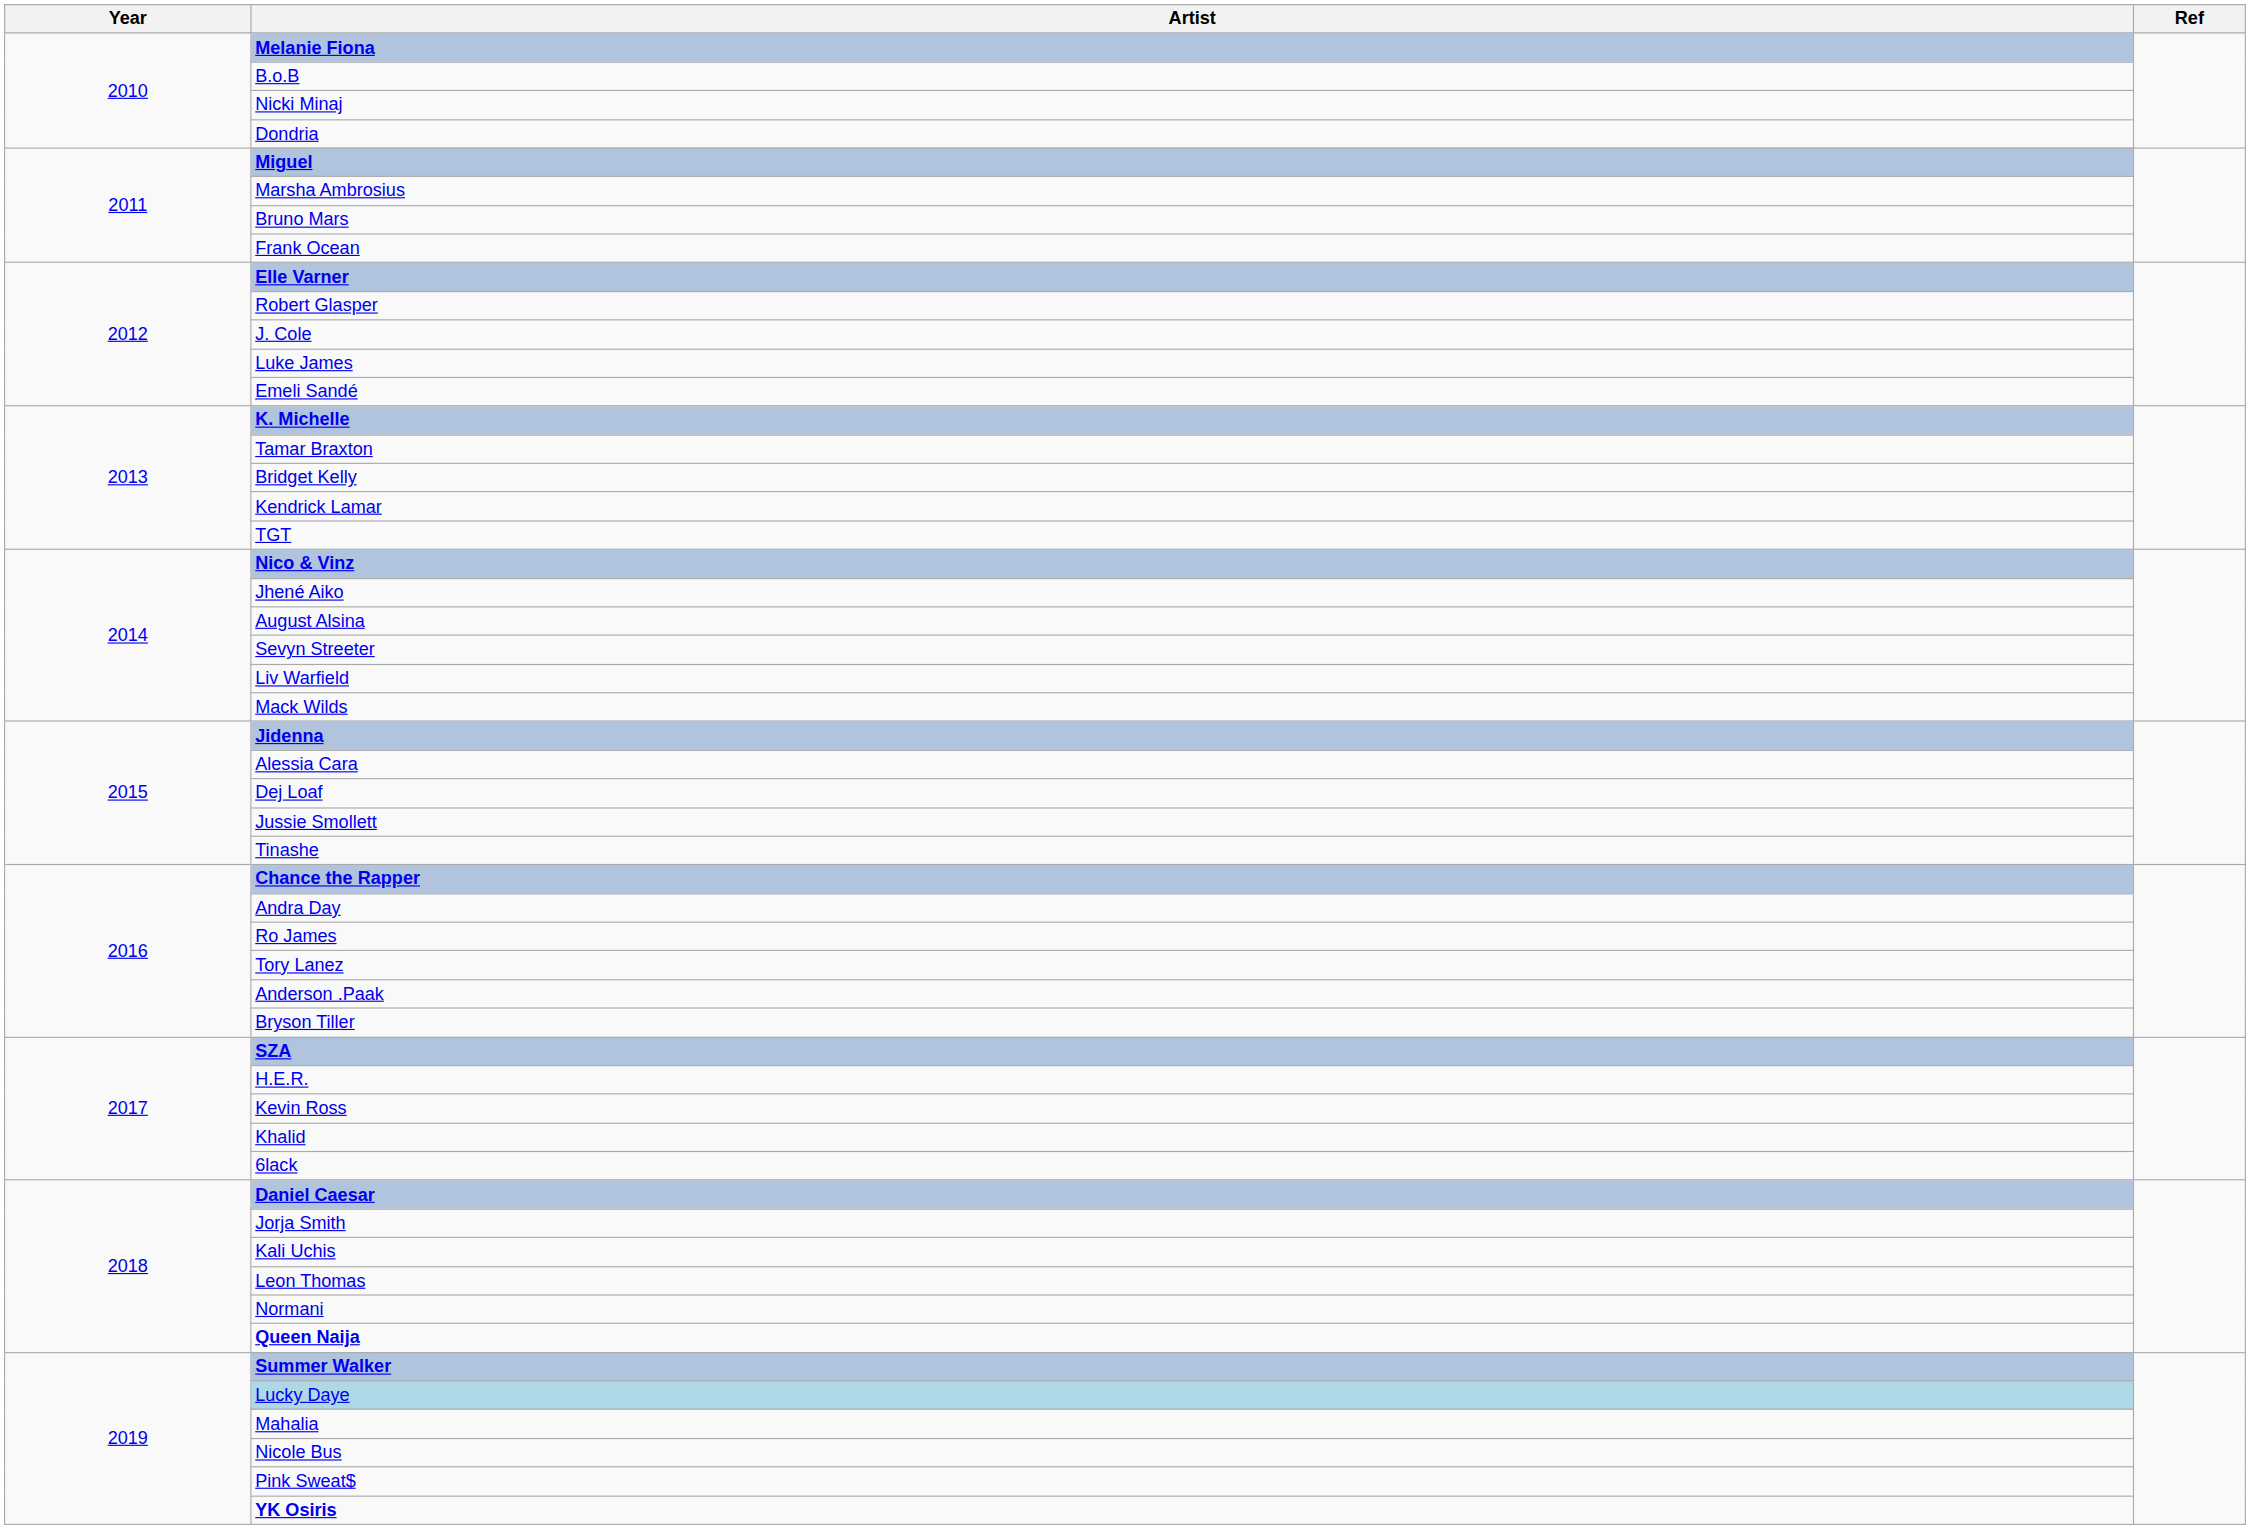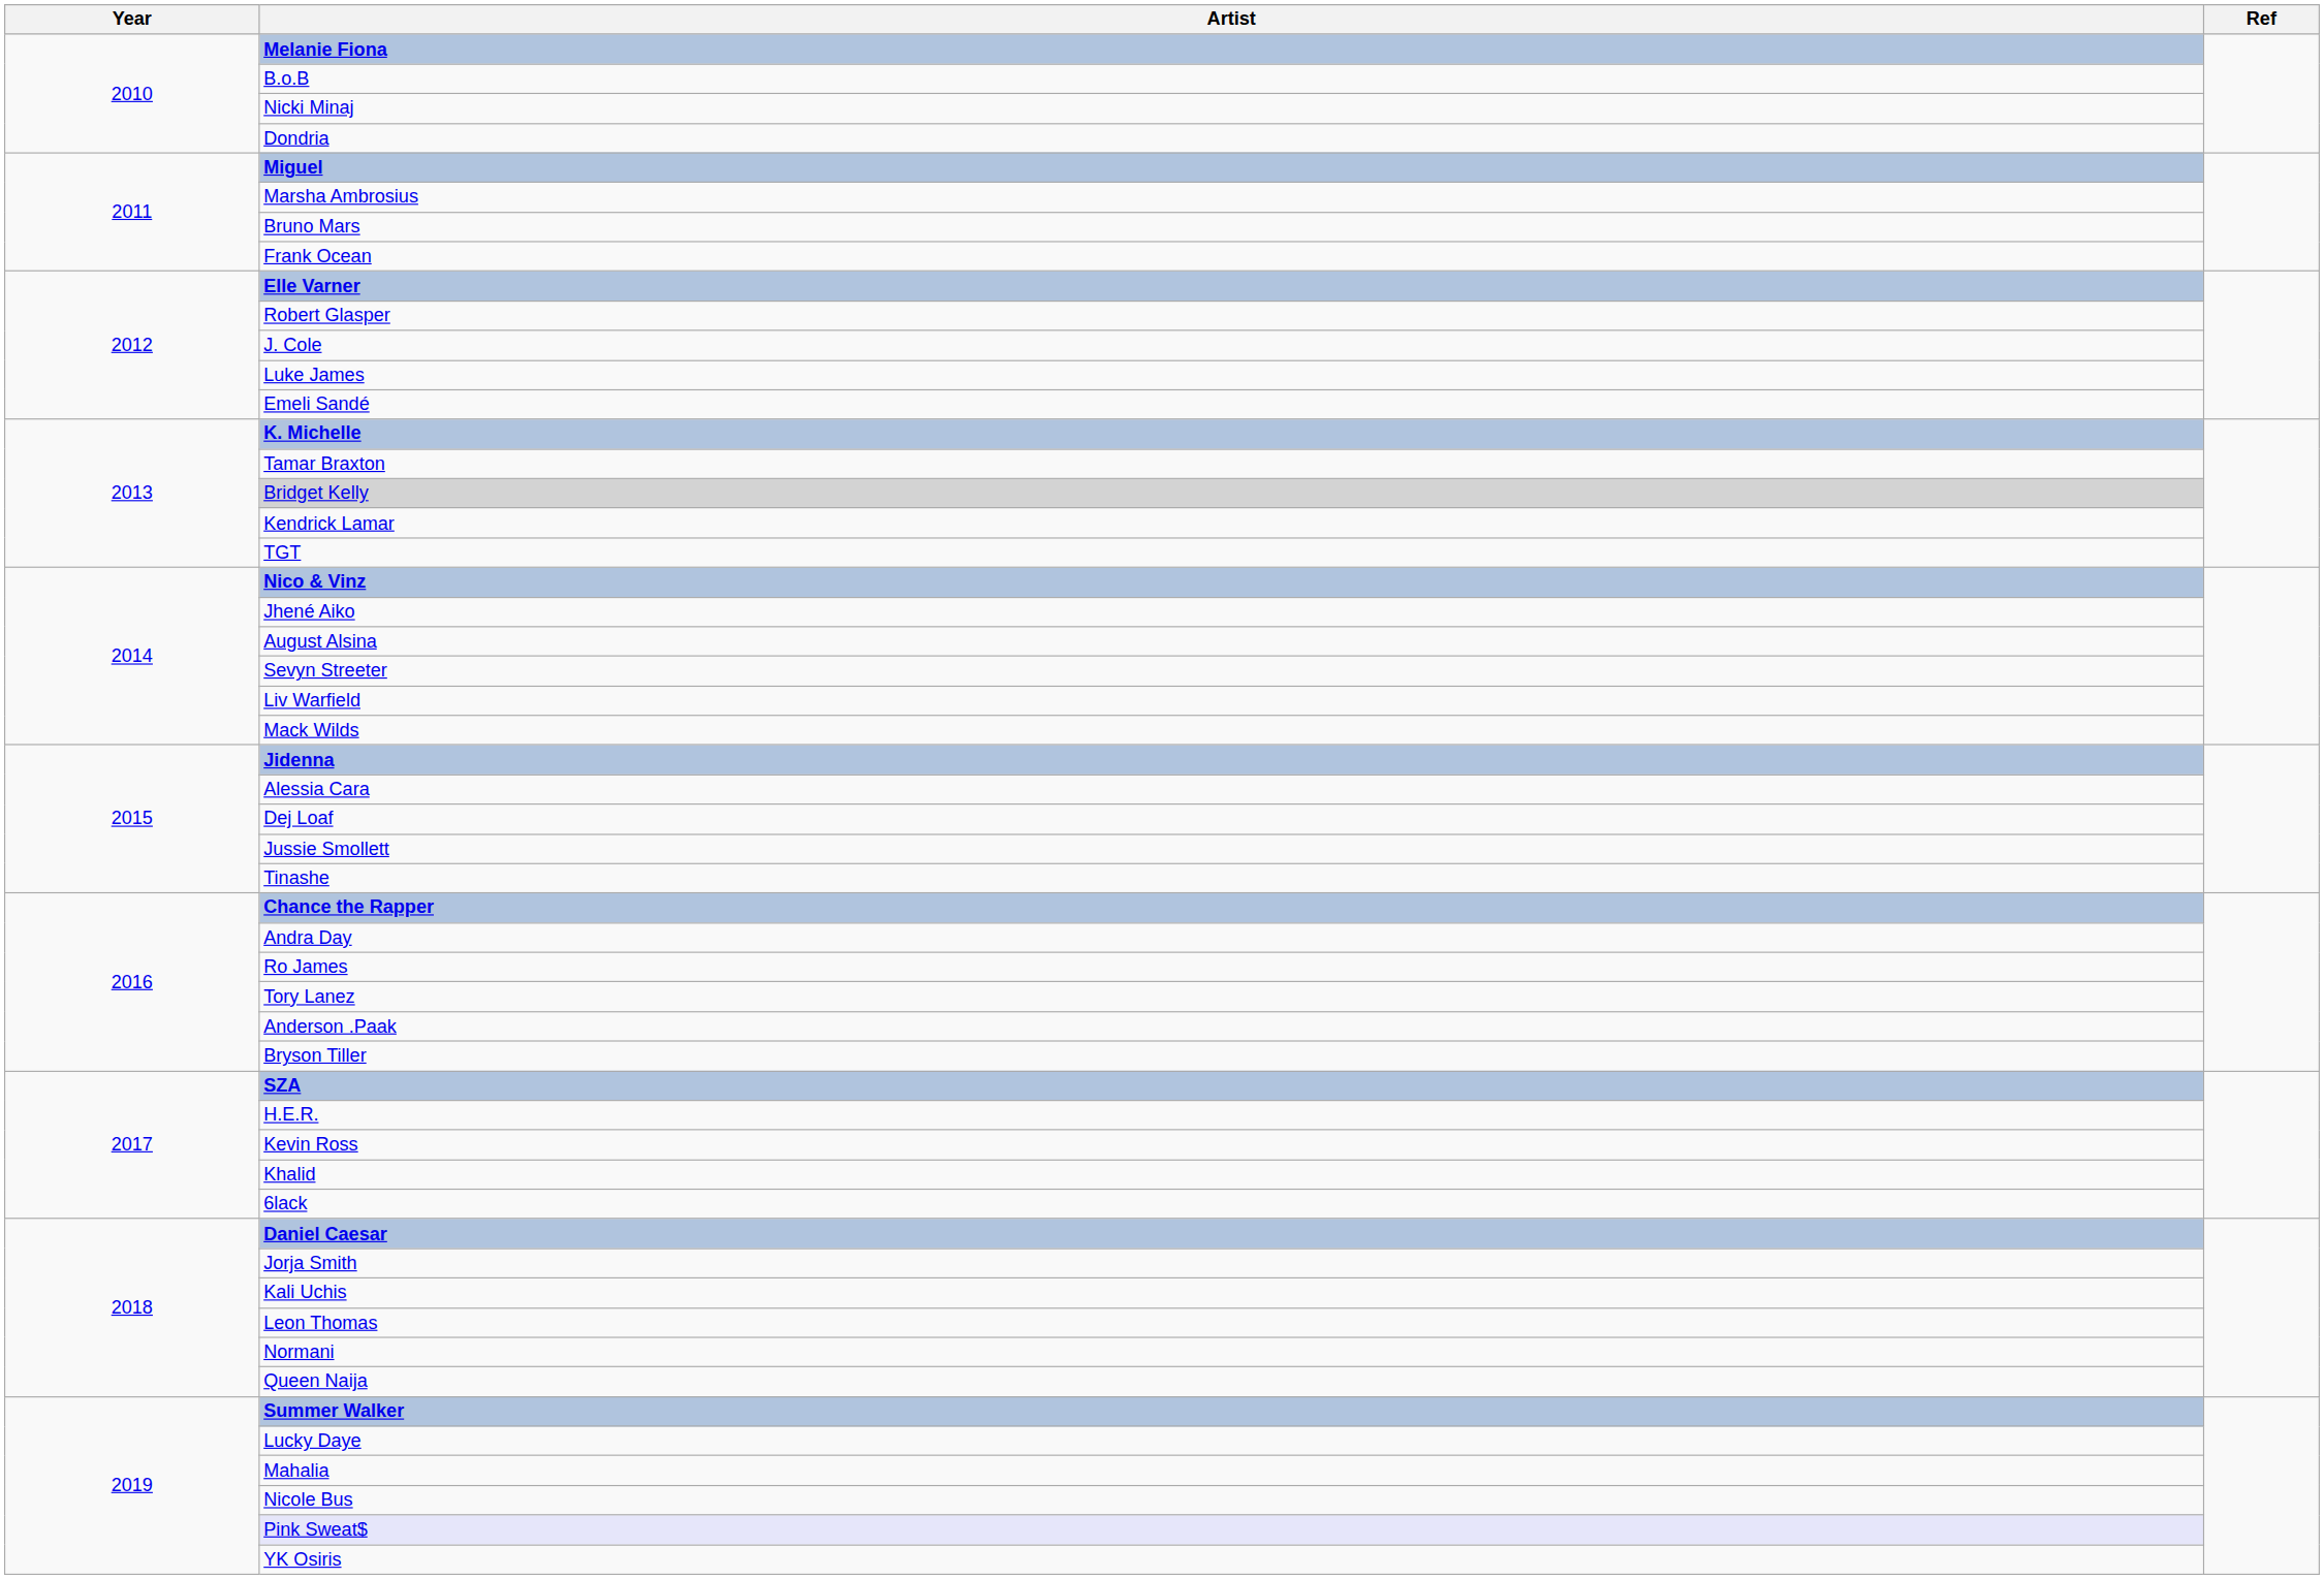 <table class="wikitable" style="width:100%;">
 <tr style="background:#bebebe;">
 <th style="width:11%;">Year</th>
 <th style="width:84%;">Artist</th>
 <th style="width:5%;">Ref</th>
 </tr>
 <tr>
 <td rowspan="4" align="center"><a href='#'>2010</a></td>
 <td style="background:#B0C4DE"><strong><a href='#'>Melanie Fiona</a></strong></td>
 <td rowspan="4" align="center"></td>
 </tr>
 <tr>
 <td><a href='#'>B.o.B</a></td>
 </tr>
 <tr>
 <td><a href='#'>Nicki Minaj</a></td>
 </tr>
 <tr>
 <td><a href='#'>Dondria</a></td>
 </tr>
 <tr>
 <td rowspan="4" align="center"><a href='#'>2011</a></td>
 <td style="background:#B0C4DE"><strong><a href='#'>Miguel</a></strong></td>
 <td rowspan="4" align="center"></td>
 </tr>
 <tr>
 <td><a href='#'>Marsha Ambrosius</a></td>
 </tr>
 <tr>
 <td><a href='#'>Bruno Mars</a></td>
 </tr>
 <tr>
 <td><a href='#'>Frank Ocean</a></td>
 </tr>
 <tr>
 <td rowspan="5" align="center"><a href='#'>2012</a></td>
 <td style="background:#B0C4DE"><strong><a href='#'>Elle Varner</a></strong></td>
 <td rowspan="5" align="center"></td>
 </tr>
 <tr>
 <td><a href='#'>Robert Glasper</a></td>
 </tr>
 <tr>
 <td><a href='#'>J. Cole</a></td>
 </tr>
 <tr>
 <td><a href='#'>Luke James</a></td>
 </tr>
 <tr>
 <td><a href='#'>Emeli Sandé</a></td>
 </tr>
 <tr>
 <td rowspan="5" align="center"><a href='#'>2013</a></td>
 <td style="background:#B0C4DE"><strong><a href='#'>K. Michelle</a></strong></td>
 <td rowspan="5" align="center"></td>
 </tr>
 <tr>
 <td><a href='#'>Tamar Braxton</a></td>
 </tr>
 <tr>
-<td><a href='#'>Bridget Kelly</a></td>
+<td style="background: lightgrey;"><a href='#'>Bridget Kelly</a></td>
 </tr>
 <tr>
 <td><a href='#'>Kendrick Lamar</a></td>
 </tr>
 <tr>
 <td><a href='#'>TGT</a></td>
 </tr>
 <tr>
 <td rowspan="6" align="center"><a href='#'>2014</a></td>
 <td style="background:#B0C4DE"><strong><a href='#'>Nico & Vinz</a></strong></td>
 <td rowspan="6" align="center"></td>
 </tr>
 <tr>
 <td><a href='#'>Jhené Aiko</a></td>
 </tr>
 <tr>
 <td><a href='#'>August Alsina</a></td>
 </tr>
 <tr>
 <td><a href='#'>Sevyn Streeter</a></td>
 </tr>
 <tr>
 <td><a href='#'>Liv Warfield</a></td>
 </tr>
 <tr>
 <td><a href='#'>Mack Wilds</a></td>
 </tr>
 <tr>
 <td rowspan="5" align="center"><a href='#'>2015</a></td>
 <td style="background:#B0C4DE"><strong><a href='#'>Jidenna</a></strong></td>
 <td rowspan="5" align="center"></td>
 </tr>
 <tr>
 <td><a href='#'>Alessia Cara</a></td>
 </tr>
 <tr>
 <td><a href='#'>Dej Loaf</a></td>
 </tr>
 <tr>
 <td><a href='#'>Jussie Smollett</a></td>
 </tr>
 <tr>
 <td><a href='#'>Tinashe</a></td>
 </tr>
 <tr>
 <td rowspan="6" align="center"><a href='#'>2016</a></td>
 <td style="background:#B0C4DE"><strong><a href='#'>Chance the Rapper</a></strong></td>
 <td rowspan="6" align="center"></td>
 </tr>
 <tr>
 <td><a href='#'>Andra Day</a></td>
 </tr>
 <tr>
 <td><a href='#'>Ro James</a></td>
 </tr>
 <tr>
 <td><a href='#'>Tory Lanez</a></td>
 </tr>
 <tr>
 <td><a href='#'>Anderson .Paak</a></td>
 </tr>
 <tr>
 <td><a href='#'>Bryson Tiller</a></td>
 </tr>
 <tr>
 <td rowspan="5" align="center"><a href='#'>2017</a></td>
 <td style="background:#B0C4DE"><strong><a href='#'>SZA</a></strong></td>
 <td rowspan="5" align="center"></td>
 </tr>
 <tr>
 <td><a href='#'>H.E.R.</a></td>
 </tr>
 <tr>
 <td><a href='#'>Kevin Ross</a></td>
 </tr>
 <tr>
 <td><a href='#'>Khalid</a></td>
 </tr>
 <tr>
 <td><a href='#'>6lack</a></td>
 </tr>
 <tr>
 <td rowspan="6" align="center"><a href='#'>2018</a></td>
 <td style="background:#B0C4DE"><strong><a href='#'>Daniel Caesar</a></strong></td>
 <td rowspan="6" align="center"></td>
 </tr>
 <tr>
 <td><a href='#'>Jorja Smith</a></td>
 </tr>
 <tr>
 <td><a href='#'>Kali Uchis</a></td>
 </tr>
 <tr>
 <td><a href='#'>Leon Thomas</a></td>
 </tr>
 <tr>
 <td><a href='#'>Normani</a></td>
 </tr>
 <tr>
-<td><strong><a href='#'>Queen Naija</a></strong></td>
+<td><a href='#'>Queen Naija</a></td>
 </tr>
 <tr>
 <td rowspan="6" align="center"><a href='#'>2019</a></td>
 <td style="background:#B0C4DE"><strong><a href='#'>Summer Walker</a></strong></td>
 <td rowspan="6" align="center"></td>
 </tr>
 <tr>
-<td style="background: lightblue;"><a href='#'>Lucky Daye</a></td>
+<td><a href='#'>Lucky Daye</a></td>
 </tr>
 <tr>
 <td><a href='#'>Mahalia</a></td>
 </tr>
 <tr>
 <td><a href='#'>Nicole Bus</a></td>
 </tr>
 <tr>
-<td><a href='#'>Pink Sweat$</a></td>
+<td style="background: lavender;"><a href='#'>Pink Sweat$</a></td>
 </tr>
 <tr>
-<td><strong><a href='#'>YK Osiris</a></strong></td>
+<td><a href='#'>YK Osiris</a></td>
 </tr>
 </table>
